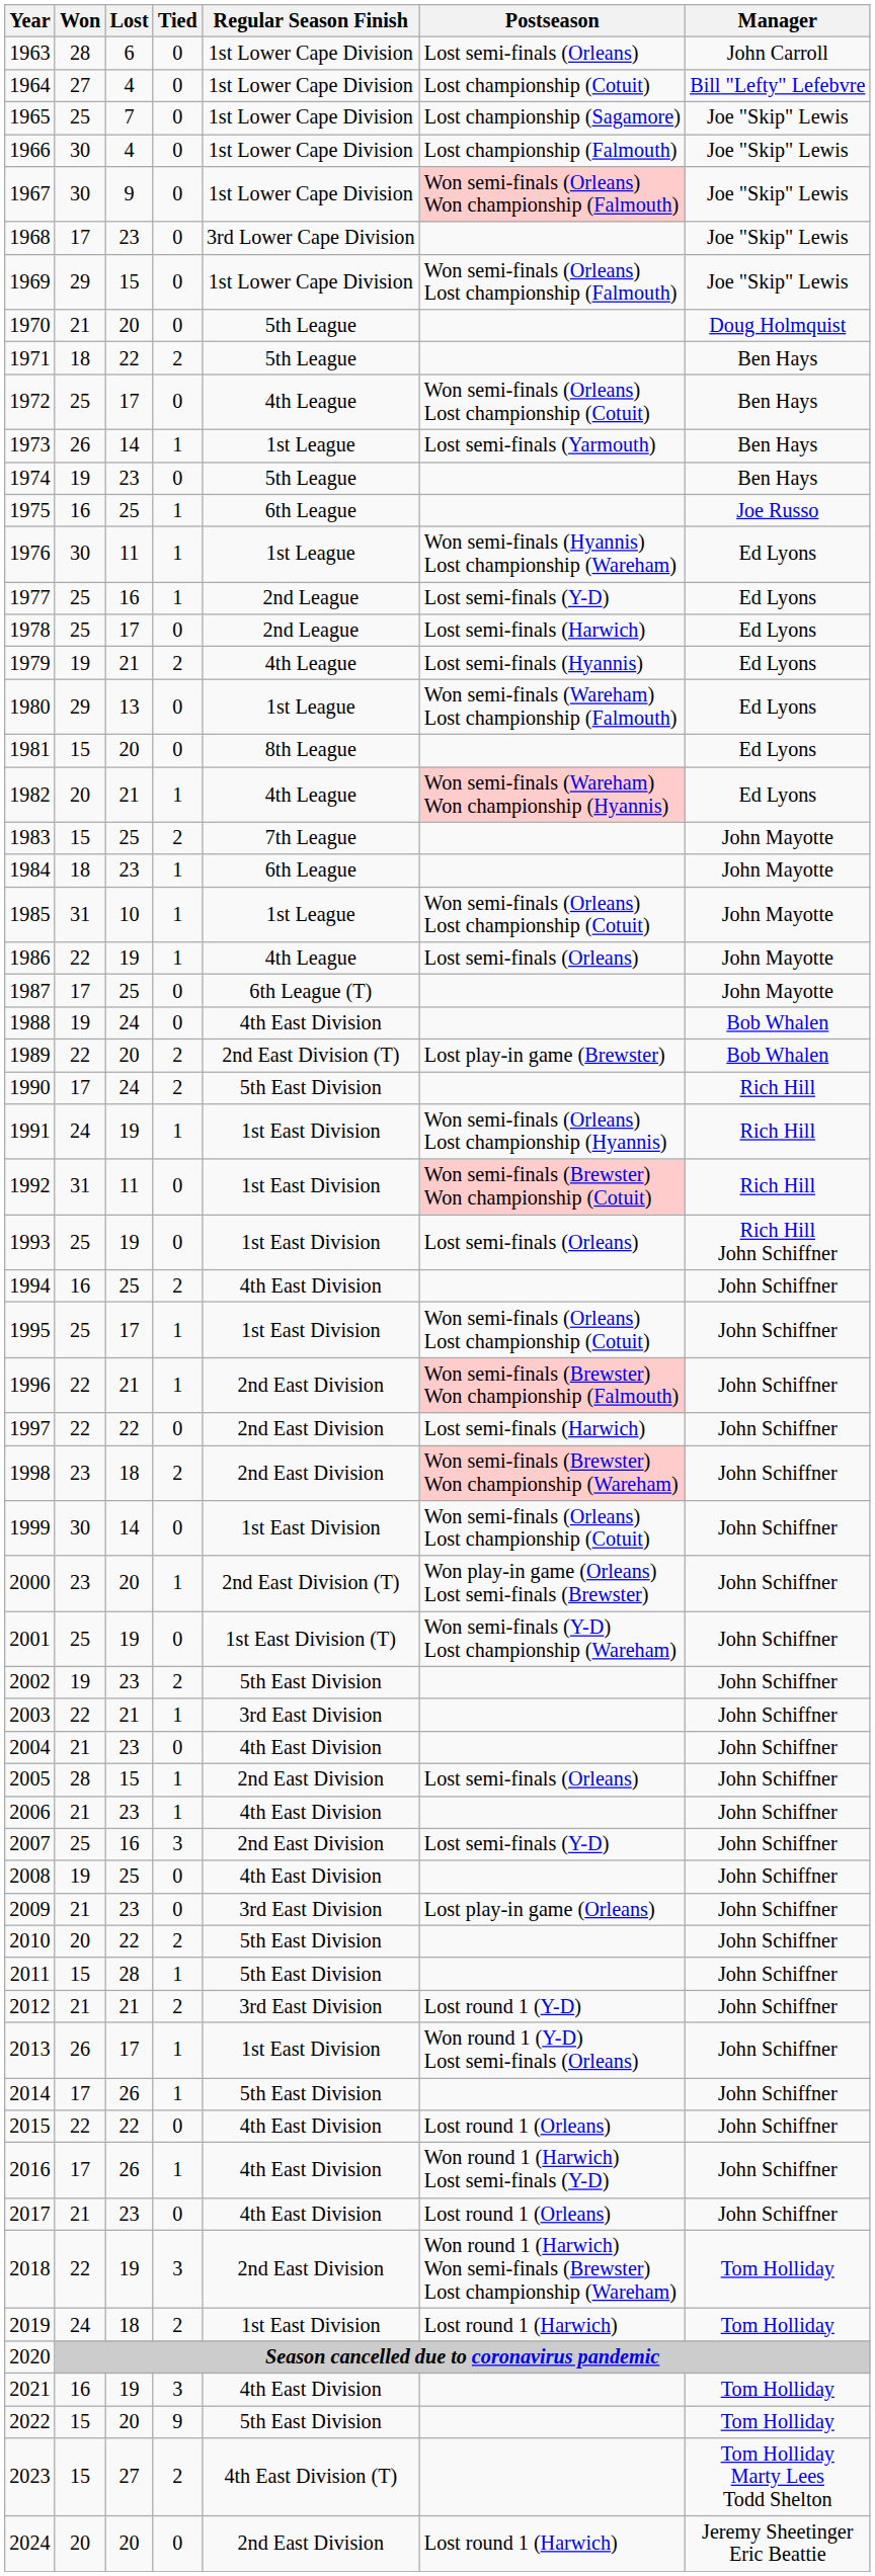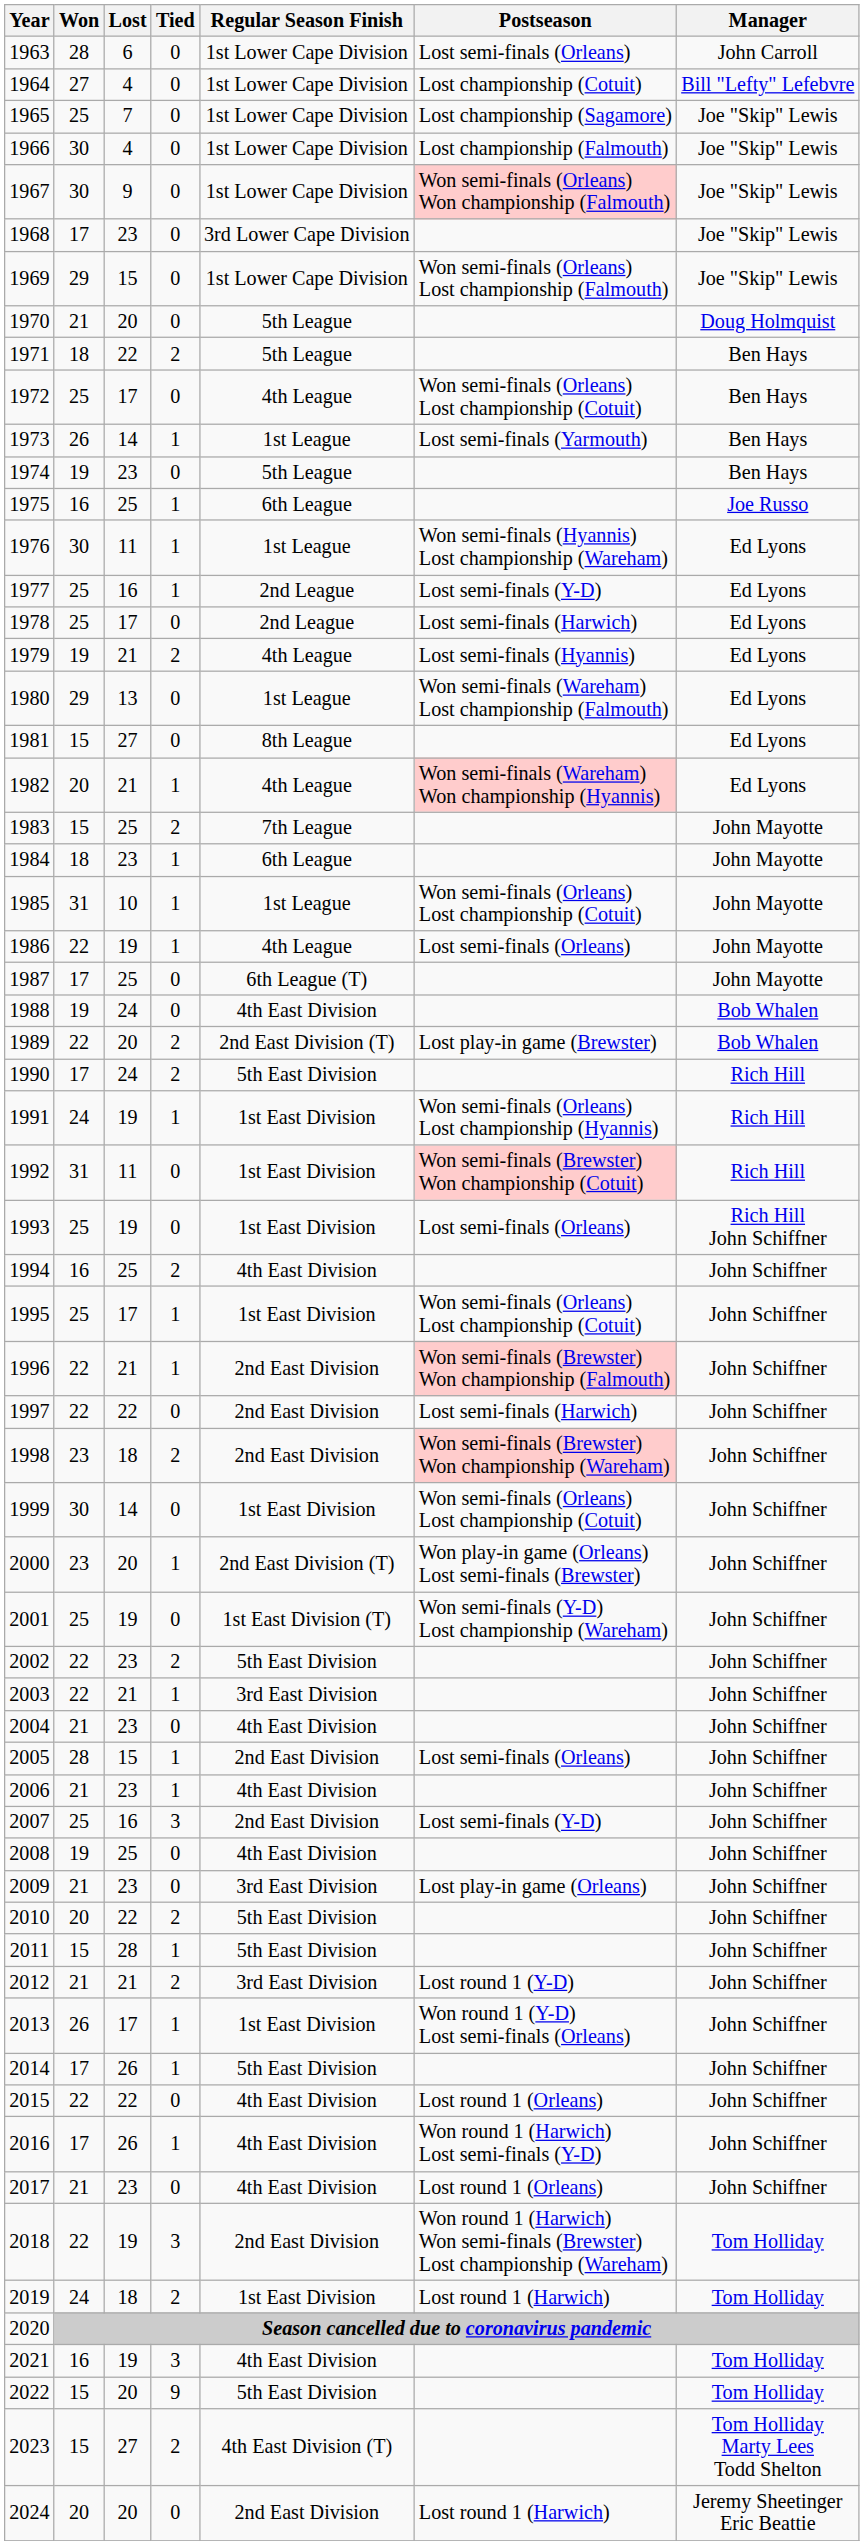 <table class="wikitable" style="text-align:center">
 <tr>
 <th>Year</th>
 <th>Won</th>
 <th>Lost</th>
 <th>Tied</th>
 <th>Regular Season Finish</th>
 <th>Postseason</th>
 <th>Manager</th>
 </tr>
 <tr>
 <td>1963</td>
 <td>28</td>
 <td>6</td>
 <td>0</td>
 <td>1st Lower Cape Division</td>
 <td style="text-align:left">Lost semi-finals (<a href='#'>Orleans</a>)</td>
 <td>John Carroll</td>
 </tr>
 <tr>
 <td>1964</td>
 <td>27</td>
 <td>4</td>
 <td>0</td>
 <td>1st Lower Cape Division</td>
 <td style="text-align:left">Lost championship (<a href='#'>Cotuit</a>)</td>
 <td><a href='#'>Bill "Lefty" Lefebvre</a></td>
 </tr>
 <tr>
 <td>1965</td>
 <td>25</td>
 <td>7</td>
 <td>0</td>
 <td>1st Lower Cape Division</td>
 <td style="text-align:left">Lost championship (<a href='#'>Sagamore</a>)</td>
 <td>Joe "Skip" Lewis</td>
 </tr>
 <tr>
 <td>1966</td>
 <td>30</td>
 <td>4</td>
 <td>0</td>
 <td>1st Lower Cape Division</td>
 <td style="text-align:left">Lost championship (<a href='#'>Falmouth</a>)</td>
 <td>Joe "Skip" Lewis</td>
 </tr>
 <tr>
 <td>1967</td>
 <td>30</td>
 <td>9</td>
 <td>0</td>
 <td>1st Lower Cape Division</td>
 <td style="text-align:left" bgcolor=#ffcccc>Won semi-finals (<a href='#'>Orleans</a>)<br>Won championship (<a href='#'>Falmouth</a>)</td>
 <td>Joe "Skip" Lewis</td>
 </tr>
 <tr>
 <td>1968</td>
 <td>17</td>
 <td>23</td>
 <td>0</td>
 <td>3rd Lower Cape Division</td>
 <td></td>
 <td>Joe "Skip" Lewis</td>
 </tr>
 <tr>
 <td>1969</td>
 <td>29</td>
 <td>15</td>
 <td>0</td>
 <td>1st Lower Cape Division</td>
 <td style="text-align:left">Won semi-finals (<a href='#'>Orleans</a>)<br>Lost championship (<a href='#'>Falmouth</a>)</td>
 <td>Joe "Skip" Lewis</td>
 </tr>
 <tr>
 <td>1970</td>
 <td>21</td>
 <td>20</td>
 <td>0</td>
 <td>5th League</td>
 <td></td>
 <td><a href='#'>Doug Holmquist</a></td>
 </tr>
 <tr>
 <td>1971</td>
 <td>18</td>
 <td>22</td>
 <td>2</td>
 <td>5th League</td>
 <td></td>
 <td>Ben Hays</td>
 </tr>
 <tr>
 <td>1972</td>
 <td>25</td>
 <td>17</td>
 <td>0</td>
 <td>4th League</td>
 <td style="text-align:left">Won semi-finals (<a href='#'>Orleans</a>)<br>Lost championship (<a href='#'>Cotuit</a>)</td>
 <td>Ben Hays</td>
 </tr>
 <tr>
 <td>1973</td>
 <td>26</td>
 <td>14</td>
 <td>1</td>
 <td>1st League</td>
 <td style="text-align:left">Lost semi-finals (<a href='#'>Yarmouth</a>)</td>
 <td>Ben Hays</td>
 </tr>
 <tr>
 <td>1974</td>
 <td>19</td>
 <td>23</td>
 <td>0</td>
 <td>5th League</td>
 <td></td>
 <td>Ben Hays</td>
 </tr>
 <tr>
 <td>1975</td>
 <td>16</td>
 <td>25</td>
 <td>1</td>
 <td>6th League</td>
 <td></td>
 <td><a href='#'>Joe Russo</a></td>
 </tr>
 <tr>
 <td>1976</td>
 <td>30</td>
 <td>11</td>
 <td>1</td>
 <td>1st League</td>
 <td style="text-align:left">Won semi-finals (<a href='#'>Hyannis</a>)<br>Lost championship (<a href='#'>Wareham</a>)</td>
 <td>Ed Lyons</td>
 </tr>
 <tr>
 <td>1977</td>
 <td>25</td>
 <td>16</td>
 <td>1</td>
 <td>2nd League</td>
 <td style="text-align:left">Lost semi-finals (<a href='#'>Y-D</a>)</td>
 <td>Ed Lyons</td>
 </tr>
 <tr>
 <td>1978</td>
 <td>25</td>
 <td>17</td>
 <td>0</td>
 <td>2nd League</td>
 <td style="text-align:left">Lost semi-finals (<a href='#'>Harwich</a>)</td>
 <td>Ed Lyons</td>
 </tr>
 <tr>
 <td>1979</td>
 <td>19</td>
 <td>21</td>
 <td>2</td>
 <td>4th League</td>
 <td style="text-align:left">Lost semi-finals (<a href='#'>Hyannis</a>)</td>
 <td>Ed Lyons</td>
 </tr>
 <tr>
 <td>1980</td>
 <td>29</td>
 <td>13</td>
 <td>0</td>
 <td>1st League</td>
 <td style="text-align:left">Won semi-finals (<a href='#'>Wareham</a>)<br>Lost championship (<a href='#'>Falmouth</a>)</td>
 <td>Ed Lyons</td>
 </tr>
 <tr>
 <td>1981</td>
 <td>15</td>
-<td>20</td>
+<td>27</td>
 <td>0</td>
 <td>8th League</td>
 <td></td>
 <td>Ed Lyons</td>
 </tr>
 <tr>
 <td>1982</td>
 <td>20</td>
 <td>21</td>
 <td>1</td>
 <td>4th League</td>
 <td style="text-align:left" bgcolor=#ffcccc>Won semi-finals (<a href='#'>Wareham</a>)<br>Won championship (<a href='#'>Hyannis</a>)</td>
 <td>Ed Lyons</td>
 </tr>
 <tr>
 <td>1983</td>
 <td>15</td>
 <td>25</td>
 <td>2</td>
 <td>7th League</td>
 <td></td>
 <td>John Mayotte</td>
 </tr>
 <tr>
 <td>1984</td>
 <td>18</td>
 <td>23</td>
 <td>1</td>
 <td>6th League</td>
 <td></td>
 <td>John Mayotte</td>
 </tr>
 <tr>
 <td>1985</td>
 <td>31</td>
 <td>10</td>
 <td>1</td>
 <td>1st League</td>
 <td style="text-align:left">Won semi-finals (<a href='#'>Orleans</a>)<br>Lost championship (<a href='#'>Cotuit</a>)</td>
 <td>John Mayotte</td>
 </tr>
 <tr>
 <td>1986</td>
 <td>22</td>
 <td>19</td>
 <td>1</td>
 <td>4th League</td>
 <td style="text-align:left">Lost semi-finals (<a href='#'>Orleans</a>)</td>
 <td>John Mayotte</td>
 </tr>
 <tr>
 <td>1987</td>
 <td>17</td>
 <td>25</td>
 <td>0</td>
 <td>6th League (T)</td>
 <td></td>
 <td>John Mayotte</td>
 </tr>
 <tr>
 <td>1988</td>
 <td>19</td>
 <td>24</td>
 <td>0</td>
 <td>4th East Division</td>
 <td></td>
 <td><a href='#'>Bob Whalen</a></td>
 </tr>
 <tr>
 <td>1989</td>
 <td>22</td>
 <td>20</td>
 <td>2</td>
 <td>2nd East Division (T)</td>
 <td style="text-align:left">Lost play-in game (<a href='#'>Brewster</a>)</td>
 <td><a href='#'>Bob Whalen</a></td>
 </tr>
 <tr>
 <td>1990</td>
 <td>17</td>
 <td>24</td>
 <td>2</td>
 <td>5th East Division</td>
 <td></td>
 <td><a href='#'>Rich Hill</a></td>
 </tr>
 <tr>
 <td>1991</td>
 <td>24</td>
 <td>19</td>
 <td>1</td>
 <td>1st East Division</td>
 <td style="text-align:left">Won semi-finals (<a href='#'>Orleans</a>)<br>Lost championship (<a href='#'>Hyannis</a>)</td>
 <td><a href='#'>Rich Hill</a></td>
 </tr>
 <tr>
 <td>1992</td>
 <td>31</td>
 <td>11</td>
 <td>0</td>
 <td>1st East Division</td>
 <td style="text-align:left" bgcolor=#ffcccc>Won semi-finals (<a href='#'>Brewster</a>)<br>Won championship (<a href='#'>Cotuit</a>)</td>
 <td><a href='#'>Rich Hill</a></td>
 </tr>
 <tr>
 <td>1993</td>
 <td>25</td>
 <td>19</td>
 <td>0</td>
 <td>1st East Division</td>
 <td style="text-align:left">Lost semi-finals (<a href='#'>Orleans</a>)</td>
 <td><a href='#'>Rich Hill</a><br>John Schiffner</td>
 </tr>
 <tr>
 <td>1994</td>
 <td>16</td>
 <td>25</td>
 <td>2</td>
 <td>4th East Division</td>
 <td></td>
 <td>John Schiffner</td>
 </tr>
 <tr>
 <td>1995</td>
 <td>25</td>
 <td>17</td>
 <td>1</td>
 <td>1st East Division</td>
 <td style="text-align:left">Won semi-finals (<a href='#'>Orleans</a>)<br>Lost championship (<a href='#'>Cotuit</a>)</td>
 <td>John Schiffner</td>
 </tr>
 <tr>
 <td>1996</td>
 <td>22</td>
 <td>21</td>
 <td>1</td>
 <td>2nd East Division</td>
 <td style="text-align:left" bgcolor=#ffcccc>Won semi-finals (<a href='#'>Brewster</a>)<br>Won championship (<a href='#'>Falmouth</a>)</td>
 <td>John Schiffner</td>
 </tr>
 <tr>
 <td>1997</td>
 <td>22</td>
 <td>22</td>
 <td>0</td>
 <td>2nd East Division</td>
 <td style="text-align:left">Lost semi-finals (<a href='#'>Harwich</a>)</td>
 <td>John Schiffner</td>
 </tr>
 <tr>
 <td>1998</td>
 <td>23</td>
 <td>18</td>
 <td>2</td>
 <td>2nd East Division</td>
 <td style="text-align:left" bgcolor=#ffcccc>Won semi-finals (<a href='#'>Brewster</a>)<br>Won championship (<a href='#'>Wareham</a>)</td>
 <td>John Schiffner</td>
 </tr>
 <tr>
 <td>1999</td>
 <td>30</td>
 <td>14</td>
 <td>0</td>
 <td>1st East Division</td>
 <td style="text-align:left">Won semi-finals (<a href='#'>Orleans</a>)<br>Lost championship (<a href='#'>Cotuit</a>)</td>
 <td>John Schiffner</td>
 </tr>
 <tr>
 <td>2000</td>
 <td>23</td>
 <td>20</td>
 <td>1</td>
 <td>2nd East Division (T)</td>
 <td style="text-align:left">Won play-in game (<a href='#'>Orleans</a>)<br>Lost semi-finals (<a href='#'>Brewster</a>)</td>
 <td>John Schiffner</td>
 </tr>
 <tr>
 <td>2001</td>
 <td>25</td>
 <td>19</td>
 <td>0</td>
 <td>1st East Division (T)</td>
 <td style="text-align:left">Won semi-finals (<a href='#'>Y-D</a>)<br>Lost championship (<a href='#'>Wareham</a>)</td>
 <td>John Schiffner</td>
 </tr>
 <tr>
 <td>2002</td>
-<td>19</td>
+<td>22</td>
 <td>23</td>
 <td>2</td>
 <td>5th East Division</td>
 <td></td>
 <td>John Schiffner</td>
 </tr>
 <tr>
 <td>2003</td>
 <td>22</td>
 <td>21</td>
 <td>1</td>
 <td>3rd East Division</td>
 <td></td>
 <td>John Schiffner</td>
 </tr>
 <tr>
 <td>2004</td>
 <td>21</td>
 <td>23</td>
 <td>0</td>
 <td>4th East Division</td>
 <td></td>
 <td>John Schiffner</td>
 </tr>
 <tr>
 <td>2005</td>
 <td>28</td>
 <td>15</td>
 <td>1</td>
 <td>2nd East Division</td>
 <td style="text-align:left">Lost semi-finals (<a href='#'>Orleans</a>)</td>
 <td>John Schiffner</td>
 </tr>
 <tr>
 <td>2006</td>
 <td>21</td>
 <td>23</td>
 <td>1</td>
 <td>4th East Division</td>
 <td></td>
 <td>John Schiffner</td>
 </tr>
 <tr>
 <td>2007</td>
 <td>25</td>
 <td>16</td>
 <td>3</td>
 <td>2nd East Division</td>
 <td style="text-align:left">Lost semi-finals (<a href='#'>Y-D</a>)</td>
 <td>John Schiffner</td>
 </tr>
 <tr>
 <td>2008</td>
 <td>19</td>
 <td>25</td>
 <td>0</td>
 <td>4th East Division</td>
 <td></td>
 <td>John Schiffner</td>
 </tr>
 <tr>
 <td>2009</td>
 <td>21</td>
 <td>23</td>
 <td>0</td>
 <td>3rd East Division</td>
 <td style="text-align:left">Lost play-in game (<a href='#'>Orleans</a>)</td>
 <td>John Schiffner</td>
 </tr>
 <tr>
 <td>2010</td>
 <td>20</td>
 <td>22</td>
 <td>2</td>
 <td>5th East Division</td>
 <td></td>
 <td>John Schiffner</td>
 </tr>
 <tr>
 <td>2011</td>
 <td>15</td>
 <td>28</td>
 <td>1</td>
 <td>5th East Division</td>
 <td></td>
 <td>John Schiffner</td>
 </tr>
 <tr>
 <td>2012</td>
 <td>21</td>
 <td>21</td>
 <td>2</td>
 <td>3rd East Division</td>
 <td style="text-align:left">Lost round 1 (<a href='#'>Y-D</a>)</td>
 <td>John Schiffner</td>
 </tr>
 <tr>
 <td>2013</td>
 <td>26</td>
 <td>17</td>
 <td>1</td>
 <td>1st East Division</td>
 <td style="text-align:left">Won round 1 (<a href='#'>Y-D</a>)<br>Lost semi-finals (<a href='#'>Orleans</a>)</td>
 <td>John Schiffner</td>
 </tr>
 <tr>
 <td>2014</td>
 <td>17</td>
 <td>26</td>
 <td>1</td>
 <td>5th East Division</td>
 <td></td>
 <td>John Schiffner</td>
 </tr>
 <tr>
 <td>2015</td>
 <td>22</td>
 <td>22</td>
 <td>0</td>
 <td>4th East Division</td>
 <td style="text-align:left">Lost round 1 (<a href='#'>Orleans</a>)</td>
 <td>John Schiffner</td>
 </tr>
 <tr>
 <td>2016</td>
 <td>17</td>
 <td>26</td>
 <td>1</td>
 <td>4th East Division</td>
 <td style="text-align:left">Won round 1 (<a href='#'>Harwich</a>)<br>Lost semi-finals (<a href='#'>Y-D</a>)</td>
 <td>John Schiffner</td>
 </tr>
 <tr>
 <td>2017</td>
 <td>21</td>
 <td>23</td>
 <td>0</td>
 <td>4th East Division</td>
 <td style="text-align:left">Lost round 1 (<a href='#'>Orleans</a>)</td>
 <td>John Schiffner</td>
 </tr>
 <tr>
 <td>2018</td>
 <td>22</td>
 <td>19</td>
 <td>3</td>
 <td>2nd East Division</td>
 <td style="text-align:left">Won round 1 (<a href='#'>Harwich</a>)<br>Won semi-finals (<a href='#'>Brewster</a>)<br>Lost championship (<a href='#'>Wareham</a>)</td>
 <td><a href='#'>Tom Holliday</a></td>
 </tr>
 <tr>
 <td>2019</td>
 <td>24</td>
 <td>18</td>
 <td>2</td>
 <td>1st East Division</td>
 <td style="text-align:left">Lost round 1 (<a href='#'>Harwich</a>)</td>
 <td><a href='#'>Tom Holliday</a></td>
 </tr>
 <tr>
 <td>2020</td>
 <td colspan="6" align="center" bgcolor=#cccccc><strong><em>Season cancelled due to <a href='#'>coronavirus pandemic</a></em></strong></td>
 </tr>
 <tr>
 <td>2021</td>
 <td>16</td>
 <td>19</td>
 <td>3</td>
 <td>4th East Division</td>
 <td></td>
 <td><a href='#'>Tom Holliday</a></td>
 </tr>
 <tr>
 <td>2022</td>
 <td>15</td>
 <td>20</td>
 <td>9</td>
 <td>5th East Division</td>
 <td></td>
 <td><a href='#'>Tom Holliday</a></td>
 </tr>
 <tr>
 <td>2023</td>
 <td>15</td>
 <td>27</td>
 <td>2</td>
 <td>4th East Division (T)</td>
 <td></td>
 <td><a href='#'>Tom Holliday</a><br><a href='#'>Marty Lees</a><br>Todd Shelton</td>
 </tr>
 <tr>
 <td>2024</td>
 <td>20</td>
 <td>20</td>
 <td>0</td>
 <td>2nd East Division</td>
 <td style="text-align:left">Lost round 1 (<a href='#'>Harwich</a>)</td>
 <td>Jeremy Sheetinger<br>Eric Beattie</td>
 </tr>
 <tr>
 </tr>
 </table>
